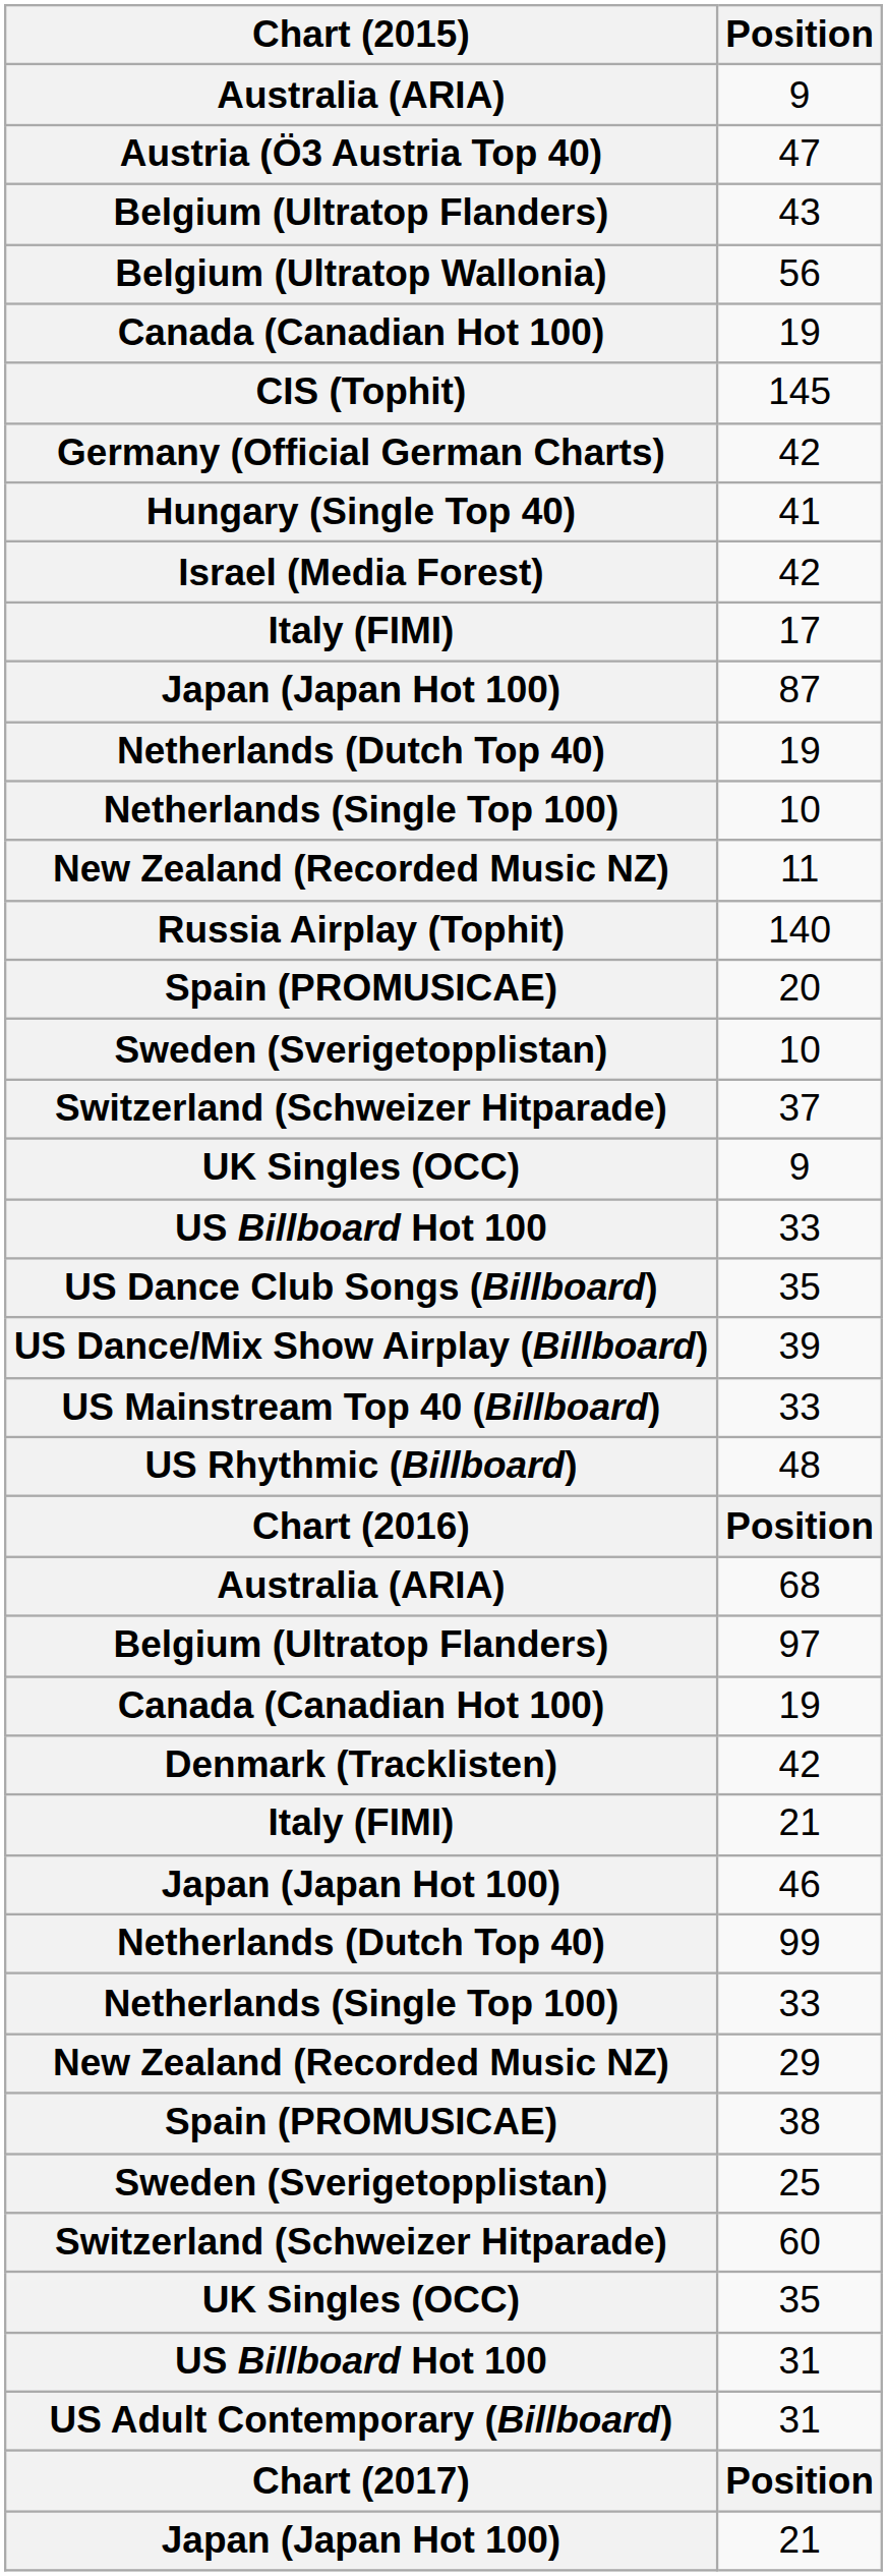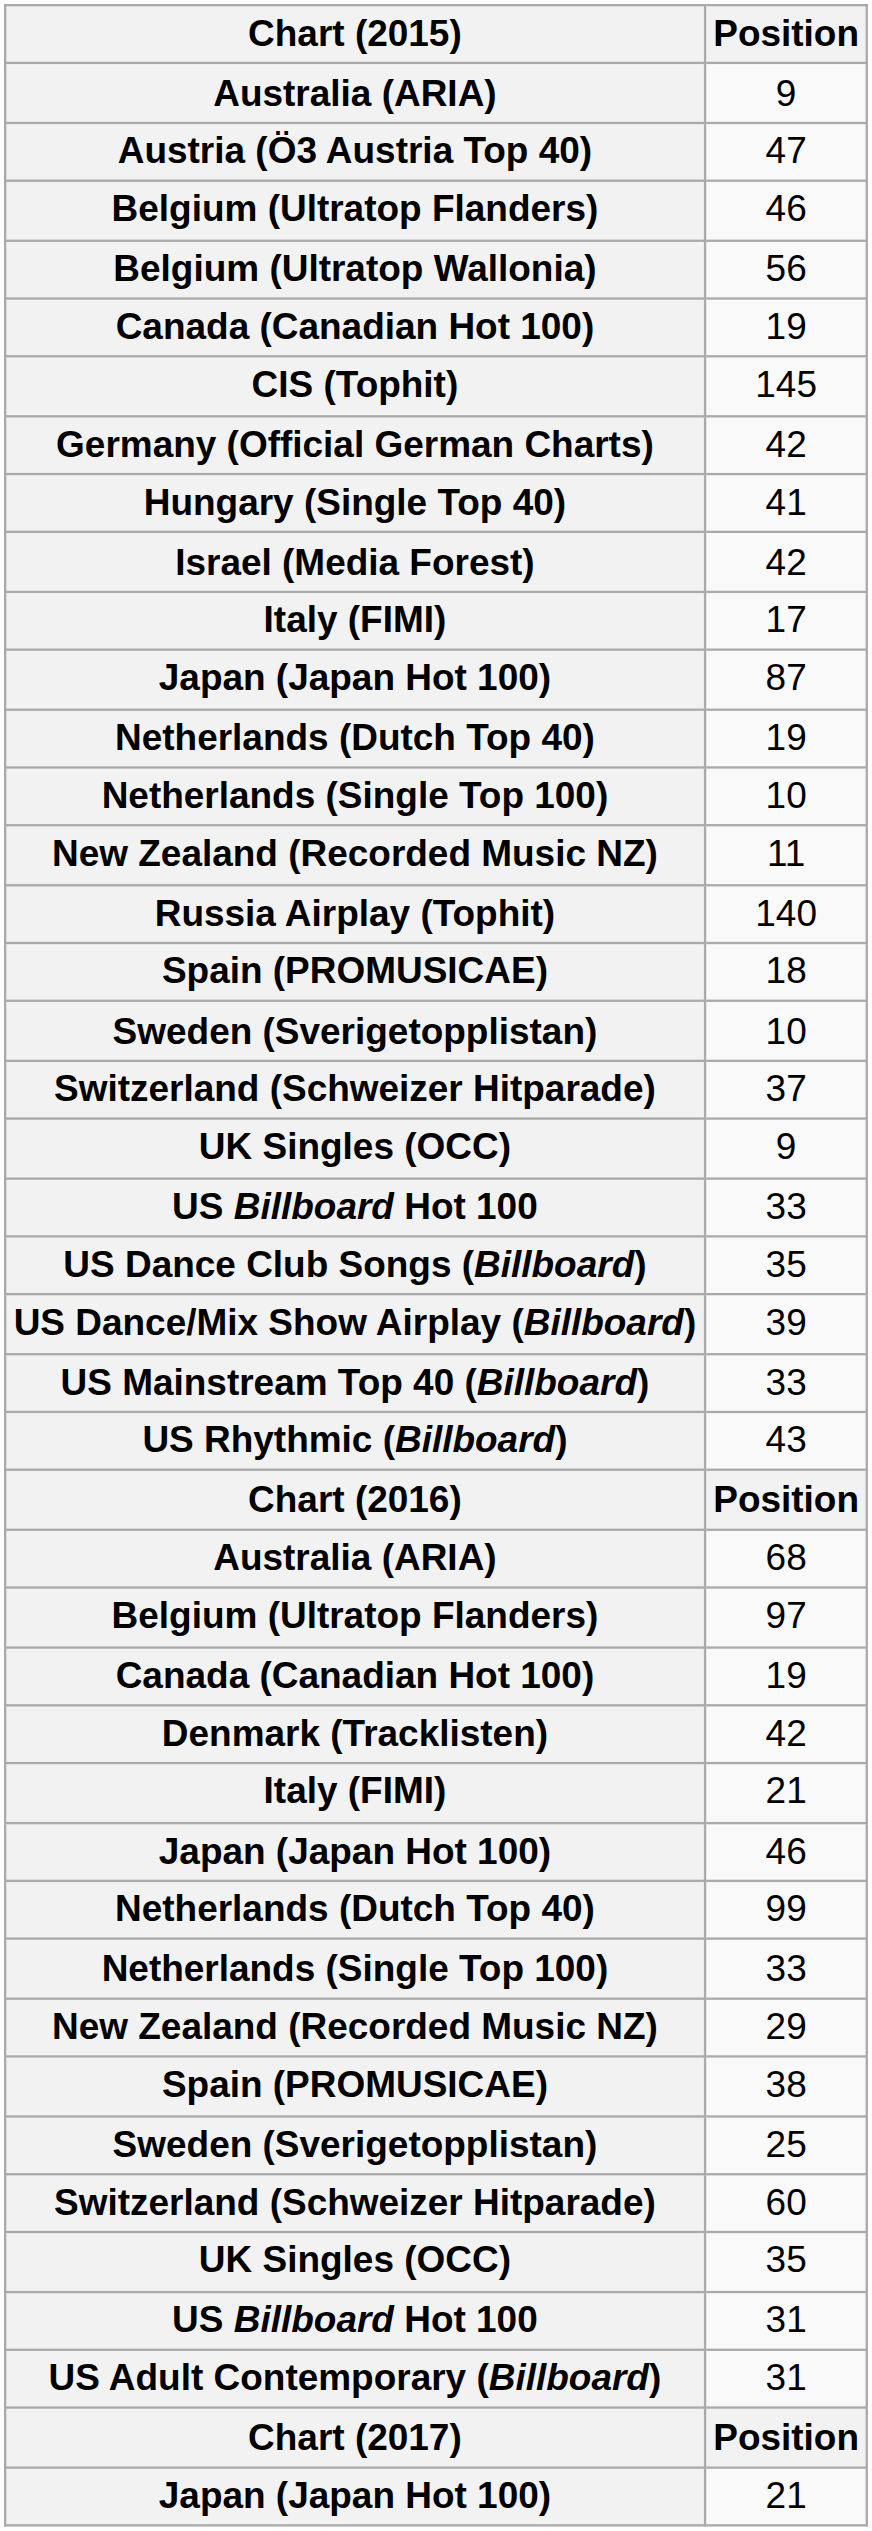 <table class="wikitable plainrowheaders sortable" style="text-align:center">
 <tr>
 <th scope="col">Chart (2015)</th>
 <th scope="col">Position</th>
 </tr>
 <tr>
 <th scope="row">Australia (ARIA)</th>
 <td>9</td>
 </tr>
 <tr>
 <th scope="row">Austria (Ö3 Austria Top 40)</th>
 <td>47</td>
 </tr>
 <tr>
 <th scope="row">Belgium (Ultratop Flanders)</th>
-<td>43</td>
+<td>46</td>
 </tr>
 <tr>
 <th scope="row">Belgium (Ultratop Wallonia)</th>
 <td>56</td>
 </tr>
 <tr>
 <th scope="row">Canada (Canadian Hot 100)</th>
 <td>19</td>
 </tr>
 <tr>
 <th scope="row">CIS (Tophit)</th>
 <td style="text-align:center;">145</td>
 </tr>
 <tr>
 <th scope="row">Germany (Official German Charts)</th>
 <td>42</td>
 </tr>
 <tr>
 <th scope="row">Hungary (Single Top 40)</th>
 <td>41</td>
 </tr>
 <tr>
 <th scope="row">Israel (Media Forest)</th>
 <td>42</td>
 </tr>
 <tr>
 <th scope="row">Italy (FIMI)</th>
 <td>17</td>
 </tr>
 <tr>
 <th scope="row">Japan (Japan Hot 100)</th>
 <td>87</td>
 </tr>
 <tr>
 <th scope="row">Netherlands (Dutch Top 40)</th>
 <td>19</td>
 </tr>
 <tr>
 <th scope="row">Netherlands (Single Top 100)</th>
 <td>10</td>
 </tr>
 <tr>
 <th scope="row">New Zealand (Recorded Music NZ)</th>
 <td>11</td>
 </tr>
 <tr>
 <th scope="row">Russia Airplay (Tophit)</th>
 <td style="text-align:center;">140</td>
 </tr>
 <tr>
 <th scope="row">Spain (PROMUSICAE)</th>
-<td>20</td>
+<td>18</td>
 </tr>
 <tr>
 <th scope="row">Sweden (Sverigetopplistan)</th>
 <td>10</td>
 </tr>
 <tr>
 <th scope="row">Switzerland (Schweizer Hitparade)</th>
 <td>37</td>
 </tr>
 <tr>
 <th scope="row">UK Singles (OCC)</th>
 <td>9</td>
 </tr>
 <tr>
 <th scope="row">US <em>Billboard</em> Hot 100</th>
 <td>33</td>
 </tr>
 <tr>
 <th scope="row">US Dance Club Songs (<em>Billboard</em>)</th>
 <td>35</td>
 </tr>
 <tr>
 <th scope="row">US Dance/Mix Show Airplay (<em>Billboard</em>)</th>
 <td>39</td>
 </tr>
 <tr>
 <th scope="row">US Mainstream Top 40 (<em>Billboard</em>)</th>
 <td>33</td>
 </tr>
 <tr>
 <th scope="row">US Rhythmic (<em>Billboard</em>)</th>
-<td>48</td>
+<td>43</td>
 </tr>
 <tr>
 <th>Chart (2016)</th>
 <th>Position</th>
 </tr>
 <tr>
 <th scope="row">Australia (ARIA)</th>
 <td>68</td>
 </tr>
 <tr>
 <th scope="row">Belgium (Ultratop Flanders)</th>
 <td>97</td>
 </tr>
 <tr>
 <th scope="row">Canada (Canadian Hot 100)</th>
 <td>19</td>
 </tr>
 <tr>
 <th scope="row">Denmark (Tracklisten)</th>
 <td>42</td>
 </tr>
 <tr>
 <th scope="row">Italy (FIMI)</th>
 <td>21</td>
 </tr>
 <tr>
 <th scope="row">Japan (Japan Hot 100)</th>
 <td>46</td>
 </tr>
 <tr>
 <th scope="row">Netherlands (Dutch Top 40)</th>
 <td>99</td>
 </tr>
 <tr>
 <th scope="row">Netherlands (Single Top 100)</th>
 <td>33</td>
 </tr>
 <tr>
 <th scope="row">New Zealand (Recorded Music NZ)</th>
 <td>29</td>
 </tr>
 <tr>
 <th scope="row">Spain (PROMUSICAE)</th>
 <td>38</td>
 </tr>
 <tr>
 <th scope="row">Sweden (Sverigetopplistan)</th>
 <td>25</td>
 </tr>
 <tr>
 <th scope="row">Switzerland (Schweizer Hitparade)</th>
 <td>60</td>
 </tr>
 <tr>
 <th scope="row">UK Singles (OCC)</th>
 <td>35</td>
 </tr>
 <tr>
 <th scope="row">US <em>Billboard</em> Hot 100</th>
 <td>31</td>
 </tr>
 <tr>
 <th scope="row">US Adult Contemporary (<em>Billboard</em>)</th>
 <td>31</td>
 </tr>
 <tr>
 <th>Chart (2017)</th>
 <th>Position</th>
 </tr>
 <tr>
 <th scope="row">Japan (Japan Hot 100)</th>
 <td>21</td>
 </tr>
 </table>
